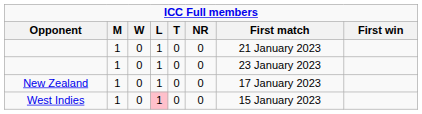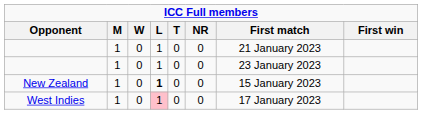 <table class="wikitable" style="text-align: center; width: 600px">
 <tr>
 <td colspan="30" style="text-align: center;"><strong><a href='#'>ICC Full members</a></strong></td>
 </tr>
 <tr>
 <th>Opponent</th>
 <th>M</th>
 <th>W</th>
 <th>L</th>
 <th>T</th>
 <th>NR</th>
 <th>First match</th>
 <th>First win</th>
 </tr>
 <tr>
 <td></td>
 <td>1</td>
 <td>0</td>
 <td>1</td>
 <td>0</td>
 <td>0</td>
 <td>21 January 2023</td>
 <td></td>
 </tr>
 <tr>
 <td></td>
 <td>1</td>
 <td>0</td>
 <td>1</td>
 <td>0</td>
 <td>0</td>
 <td>23 January 2023</td>
 <td></td>
 </tr>
 <tr>
 <td> <a href='#'>New Zealand</a></td>
 <td>1</td>
 <td>0</td>
-<td>1</td>
+<td><strong>1</strong></td>
 <td>0</td>
 <td>0</td>
-<td>17 January 2023</td>
+<td>15 January 2023</td>
 <td></td>
 </tr>
 <tr>
 <td> <a href='#'>West Indies</a></td>
 <td>1</td>
 <td>0</td>
 <td style="background: pink;">1</td>
 <td>0</td>
 <td>0</td>
-<td>15 January 2023</td>
+<td>17 January 2023</td>
 <td></td>
 </tr>
 </table>
